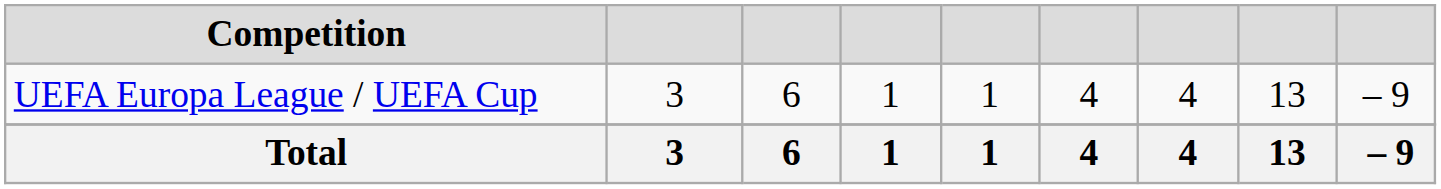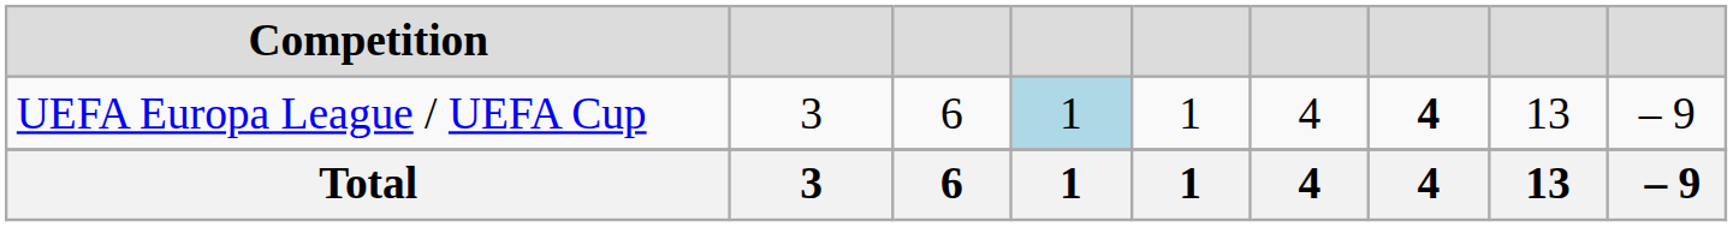 <table class="wikitable" style="text-align: center;">
 <tr>
 <th width="250" style="background:#DCDCDC">Competition</th>
 <th width="50" style="background:#DCDCDC"></th>
 <th width="35" style="background:#DCDCDC"></th>
 <th width="35" style="background:#DCDCDC"></th>
 <th width="35" style="background:#DCDCDC"></th>
 <th width="35" style="background:#DCDCDC"></th>
 <th width="35" style="background:#DCDCDC"></th>
 <th width="35" style="background:#DCDCDC"></th>
 <th width="35" style="background:#DCDCDC"></th>
 </tr>
 <tr>
 <td align=left><a href='#'>UEFA Europa League</a> / <a href='#'>UEFA Cup</a></td>
 <td>3</td>
 <td>6</td>
-<td>1</td>
+<td style="background: lightblue;">1</td>
 <td>1</td>
 <td>4</td>
-<td>4</td>
+<td><strong>4</strong></td>
 <td>13</td>
 <td>– 9</td>
 </tr>
 <tr>
 </tr>
 <tr class="sortbottom">
 <th>Total</th>
 <th>3</th>
 <th>6</th>
 <th>1</th>
 <th>1</th>
 <th>4</th>
 <th>4</th>
 <th>13</th>
 <th> – 9</th>
 </tr>
 </table>
